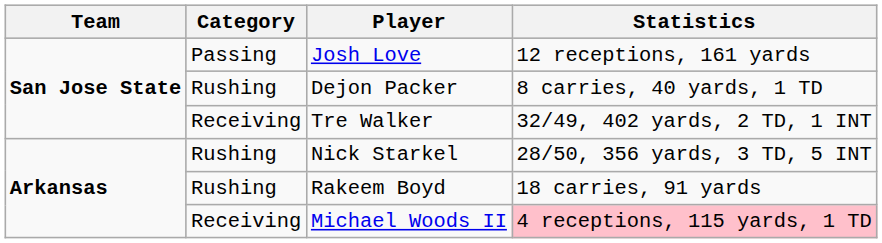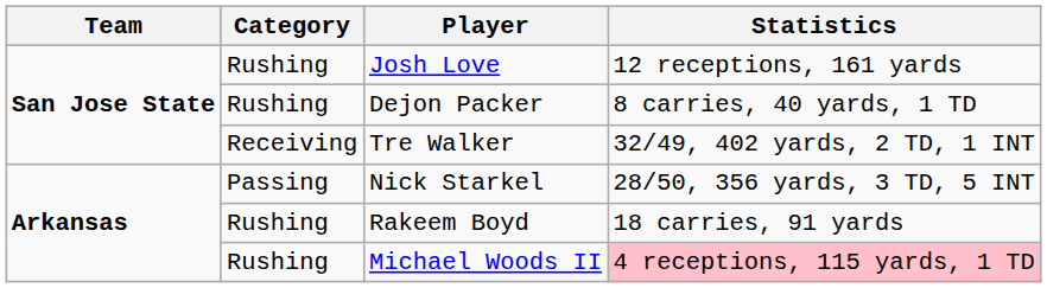 <table class="wikitable" style="float: right;">
 <tr>
 <th>Team</th>
 <th>Category</th>
 <th>Player</th>
 <th>Statistics</th>
 </tr>
 <tr>
 <td rowspan=3><strong>San Jose State</strong></td>
-<td>Passing</td>
+<td>Rushing</td>
 <td><a href='#'>Josh Love</a></td>
 <td>12 receptions, 161 yards</td>
 </tr>
 <tr>
 <td>Rushing</td>
 <td>Dejon Packer</td>
 <td>8 carries, 40 yards, 1 TD</td>
 </tr>
 <tr>
 <td>Receiving</td>
 <td>Tre Walker</td>
 <td>32/49, 402 yards, 2 TD, 1 INT</td>
 </tr>
 <tr>
 <td rowspan=3><strong>Arkansas</strong></td>
-<td>Rushing</td>
+<td>Passing</td>
 <td>Nick Starkel</td>
 <td>28/50, 356 yards, 3 TD, 5 INT</td>
 </tr>
 <tr>
 <td>Rushing</td>
 <td>Rakeem Boyd</td>
 <td>18 carries, 91 yards</td>
 </tr>
 <tr>
-<td>Receiving</td>
+<td>Rushing</td>
 <td><a href='#'>Michael Woods II</a></td>
 <td style="background: pink;">4 receptions, 115 yards, 1 TD</td>
 </tr>
 </table>
